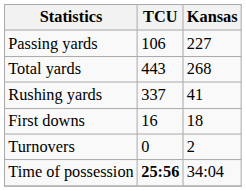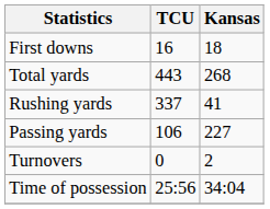 <table class="wikitable">
 <tr>
 <th>Statistics</th>
 <th>TCU</th>
 <th>Kansas</th>
 </tr>
 <tr>
-<td>Passing yards</td>
-<td>106</td>
-<td>227</td>
+<td>First downs</td>
+<td>16</td>
+<td>18</td>
 </tr>
 <tr>
 <td>Total yards</td>
 <td>443</td>
 <td>268</td>
 </tr>
 <tr>
 <td>Rushing yards</td>
 <td>337</td>
 <td>41</td>
 </tr>
 <tr>
-<td>First downs</td>
-<td>16</td>
-<td>18</td>
+<td>Passing yards</td>
+<td>106</td>
+<td>227</td>
 </tr>
 <tr>
 <td>Turnovers</td>
 <td>0</td>
 <td>2</td>
 </tr>
 <tr>
 <td>Time of possession</td>
-<td><strong>25:56</strong></td>
+<td>25:56</td>
 <td>34:04</td>
 </tr>
 <tr>
 </tr>
 </table>
